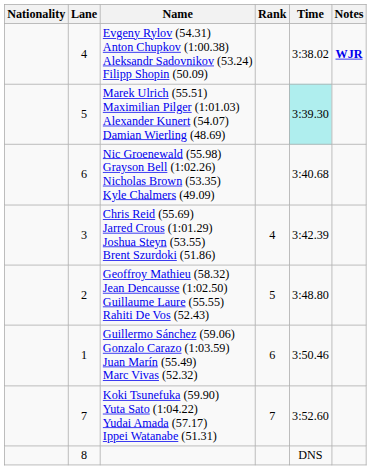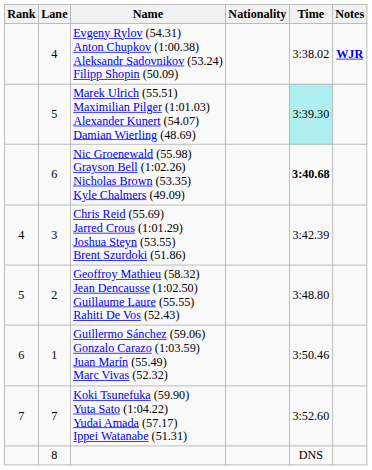 <table class="wikitable sortable" style="text-align:center">
 <tr>
-<th>Nationality</th>
+<th>Rank</th>
 <th>Lane</th>
 <th>Name</th>
-<th>Rank</th>
+<th>Nationality</th>
 <th>Time</th>
 <th>Notes</th>
 </tr>
 <tr>
-<td align=left></td>
+<td></td>
 <td>4</td>
 <td align=left><a href='#'>Evgeny Rylov</a> (54.31)<br><a href='#'>Anton Chupkov</a> (1:00.38)<br><a href='#'>Aleksandr Sadovnikov</a> (53.24)<br><a href='#'>Filipp Shopin</a> (50.09)</td>
-<td></td>
+<td align=left></td>
 <td>3:38.02</td>
 <td><strong><a href='#'>WJR</a></strong></td>
 </tr>
 <tr>
-<td align=left></td>
+<td></td>
 <td>5</td>
 <td align=left><a href='#'>Marek Ulrich</a> (55.51)<br><a href='#'>Maximilian Pilger</a> (1:01.03)<br><a href='#'>Alexander Kunert</a> (54.07)<br><a href='#'>Damian Wierling</a> (48.69)</td>
-<td></td>
+<td align=left></td>
 <td style="background: paleturquoise;">3:39.30</td>
 <td></td>
 </tr>
 <tr>
-<td align=left></td>
+<td></td>
 <td>6</td>
 <td align=left><a href='#'>Nic Groenewald</a> (55.98)<br><a href='#'>Grayson Bell</a> (1:02.26)<br><a href='#'>Nicholas Brown</a> (53.35)<br><a href='#'>Kyle Chalmers</a> (49.09)</td>
-<td></td>
-<td>3:40.68</td>
+<td align=left></td>
+<td><strong>3:40.68</strong></td>
 <td></td>
 </tr>
 <tr>
-<td align=left></td>
+<td>4</td>
 <td>3</td>
 <td align=left><a href='#'>Chris Reid</a> (55.69)<br><a href='#'>Jarred Crous</a> (1:01.29)<br><a href='#'>Joshua Steyn</a> (53.55)<br><a href='#'>Brent Szurdoki</a> (51.86)</td>
-<td>4</td>
+<td align=left></td>
 <td>3:42.39</td>
 <td></td>
 </tr>
 <tr>
-<td align=left></td>
+<td>5</td>
 <td>2</td>
 <td align=left><a href='#'>Geoffroy Mathieu</a> (58.32)<br><a href='#'>Jean Dencausse</a> (1:02.50)<br><a href='#'>Guillaume Laure</a> (55.55)<br><a href='#'>Rahiti De Vos</a> (52.43)</td>
-<td>5</td>
+<td align=left></td>
 <td>3:48.80</td>
 <td></td>
 </tr>
 <tr>
-<td align=left></td>
+<td>6</td>
 <td>1</td>
 <td align=left><a href='#'>Guillermo Sánchez</a> (59.06)<br><a href='#'>Gonzalo Carazo</a> (1:03.59)<br><a href='#'>Juan Marín</a> (55.49)<br><a href='#'>Marc Vivas</a> (52.32)</td>
-<td>6</td>
+<td align=left></td>
 <td>3:50.46</td>
 <td></td>
 </tr>
 <tr>
-<td align=left></td>
+<td>7</td>
 <td>7</td>
 <td align=left><a href='#'>Koki Tsunefuka</a> (59.90)<br><a href='#'>Yuta Sato</a> (1:04.22)<br><a href='#'>Yudai Amada</a> (57.17)<br><a href='#'>Ippei Watanabe</a> (51.31)</td>
-<td>7</td>
+<td align=left></td>
 <td>3:52.60</td>
 <td></td>
 </tr>
 <tr>
-<td align=left></td>
+<td></td>
 <td>8</td>
 <td align=left></td>
-<td></td>
+<td align=left></td>
 <td>DNS</td>
 <td></td>
 </tr>
 </table>
